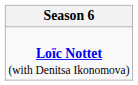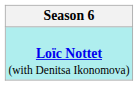 <table class="wikitable" style="float:left; margin:0.5em;">
 <tr>
 <th colspan="3"><strong>Season 6</strong></th>
 </tr>
 <tr>
-<td align="center"><br><strong><a href='#'>Loïc Nottet</a></strong><br><small>(with Denitsa Ikonomova)</small></td>
+<td align="center" style="background: paleturquoise;"><br><strong><a href='#'>Loïc Nottet</a></strong><br><small>(with Denitsa Ikonomova)</small></td>
 </tr>
 </table>
